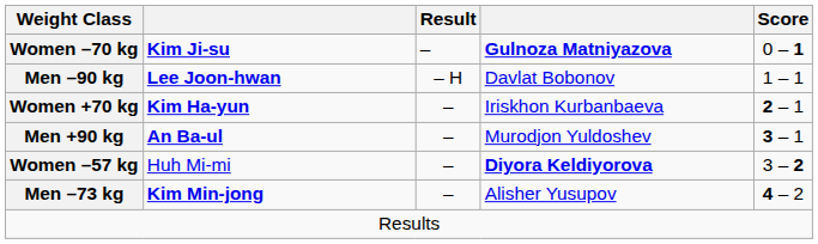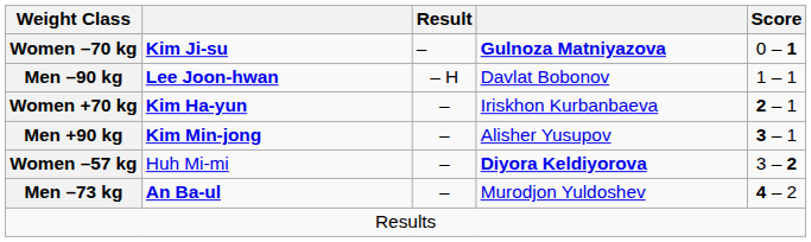 <table class="wikitable">
 <tr>
 <th>Weight Class</th>
 <th style="width: 230px;"></th>
 <th>Result</th>
 <th style="width: 230px;"></th>
 <th>Score</th>
 </tr>
 <tr>
 <th>Women –70 kg</th>
 <td><strong><a href='#'>Kim Ji-su</a></strong></td>
 <td> – <strong></strong></td>
 <td><strong><a href='#'>Gulnoza Matniyazova</a></strong></td>
 <td align=center>0 – <strong>1</strong></td>
 </tr>
 <tr>
 <th>Men –90 kg</th>
 <td><strong><a href='#'>Lee Joon-hwan</a></strong></td>
 <td align=center><strong></strong> – H</td>
 <td><a href='#'>Davlat Bobonov</a></td>
 <td align=center>1 – 1</td>
 </tr>
 <tr>
 <th>Women +70 kg</th>
 <td><strong><a href='#'>Kim Ha-yun</a></strong></td>
 <td align=center><strong></strong> – </td>
 <td><a href='#'>Iriskhon Kurbanbaeva</a></td>
 <td align=center><strong>2</strong> – 1</td>
 </tr>
 <tr>
 <th>Men +90 kg</th>
-<td><strong><a href='#'>An Ba-ul</a></strong></td>
+<td><strong><a href='#'>Kim Min-jong</a></strong></td>
 <td align=center><strong></strong> – </td>
-<td><a href='#'>Murodjon Yuldoshev</a></td>
+<td><a href='#'>Alisher Yusupov</a></td>
 <td align=center><strong>3</strong> – 1</td>
 </tr>
 <tr>
 <th>Women –57 kg</th>
 <td><a href='#'>Huh Mi-mi</a></td>
 <td align=center> – <strong></strong></td>
 <td><strong><a href='#'>Diyora Keldiyorova </a></strong></td>
 <td align=center>3 – <strong>2</strong></td>
 </tr>
 <tr>
 <th>Men –73 kg</th>
-<td><strong><a href='#'>Kim Min-jong</a></strong></td>
+<td><strong><a href='#'>An Ba-ul</a></strong></td>
 <td align=center><strong></strong> – </td>
-<td><a href='#'>Alisher Yusupov</a></td>
+<td><a href='#'>Murodjon Yuldoshev</a></td>
 <td align=center><strong>4</strong> – 2</td>
 </tr>
 <tr>
 <td align=center colspan=5>Results</td>
 </tr>
 </table>
